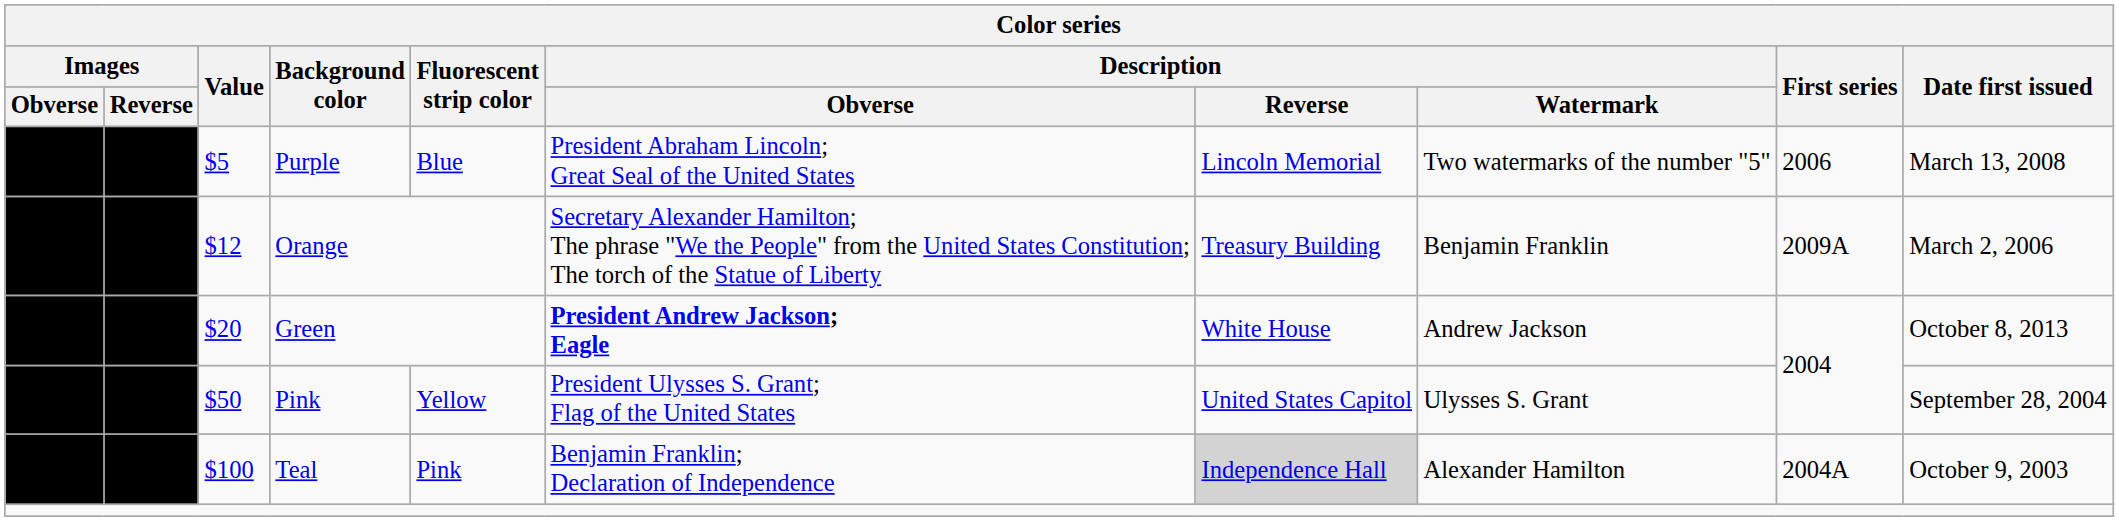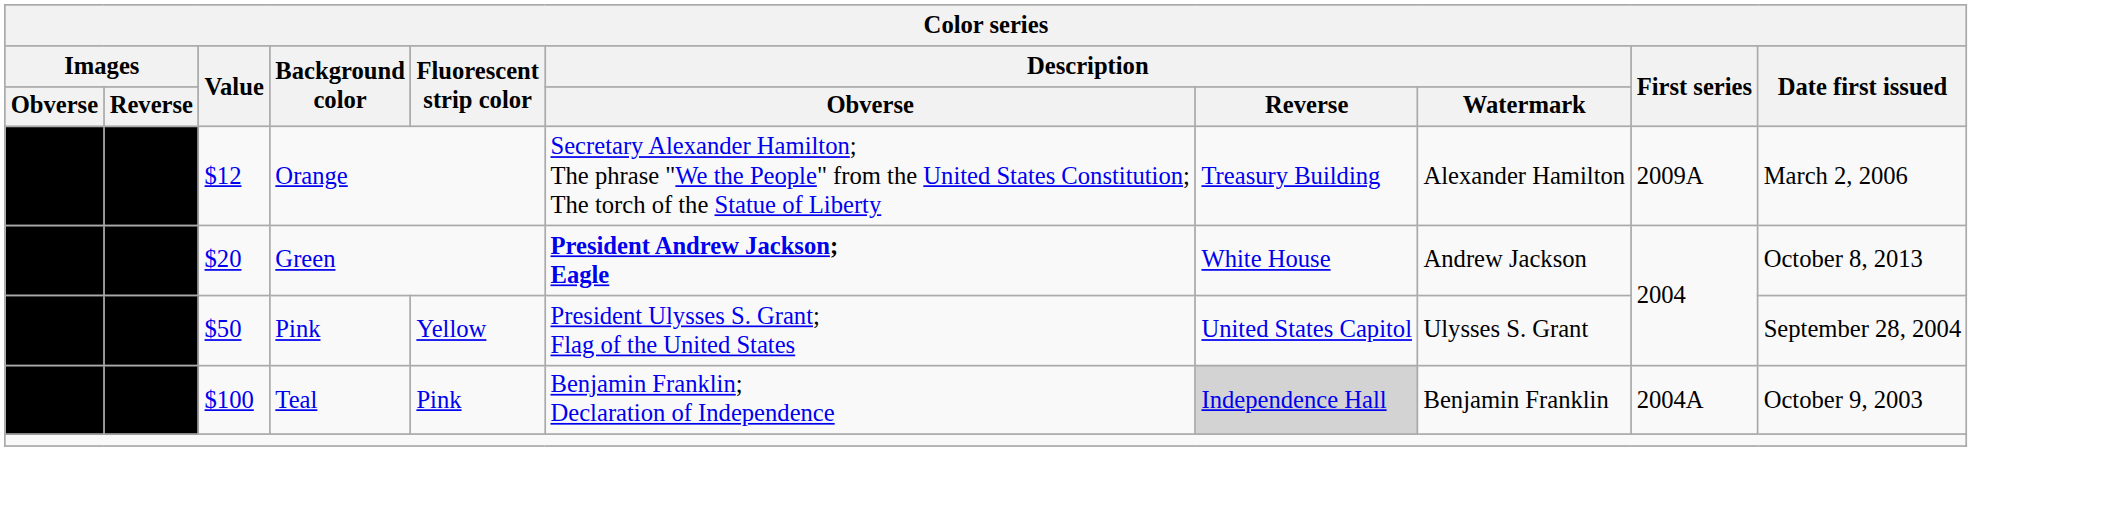 <table class="wikitable" style="font-size:90%">
 <tr>
 <th colspan="10">Color series</th>
 </tr>
 <tr>
 <th colspan="2">Images</th>
 <th rowspan="2">Value</th>
 <th rowspan="2">Back­ground<br>color</th>
 <th rowspan="2">Fluores­cent<br>strip color</th>
 <th colspan="3">Description</th>
 <th rowspan="2">First series</th>
 <th rowspan="2">Date first issued</th>
 </tr>
 <tr>
 <th>Obverse</th>
 <th>Reverse</th>
 <th>Obverse</th>
 <th>Reverse</th>
 <th>Water­mark</th>
 </tr>
 <tr>
 <td style="text-align:center; background:#000"></td>
 <td style="text-align:center; background:#000"></td>
-<td><a href='#'>$5</a></td>
-<td><a href='#'>Purple</a></td>
-<td><a href='#'>Blue</a></td>
-<td><a href='#'>President Abraham Lincoln</a>;<br><a href='#'>Great Seal of the United States</a></td>
-<td><a href='#'>Lincoln Memorial</a></td>
-<td>Two water­marks of the number "5"</td>
-<td>2006</td>
-<td>March 13, 2008</td>
-</tr>
-<tr>
-<td style="text-align:center; background:#000"></td>
-<td style="text-align:center; background:#000"></td>
 <td><a href='#'>$12</a></td>
 <td colspan="2"><a href='#'>Orange</a></td>
 <td><a href='#'>Secretary Alexander Hamilton</a>;<br>The phrase "<a href='#'>We the People</a>" from the <a href='#'>United States Constitution</a>;<br>The torch of the <a href='#'>Statue of Liberty</a></td>
 <td><a href='#'>Treasury Building</a></td>
-<td>Benjamin Franklin</td>
+<td>Alexander Hamilton</td>
 <td>2009A</td>
 <td>March 2, 2006</td>
 </tr>
 <tr>
 <td style="text-align:center; background:#000"></td>
 <td style="text-align:center; background:#000"></td>
 <td><a href='#'>$20</a></td>
 <td colspan="2"><a href='#'>Green</a></td>
 <td><strong><a href='#'>President Andrew Jackson</a>;<br><a href='#'>Eagle</a></strong></td>
 <td><a href='#'>White House</a></td>
 <td>Andrew Jackson</td>
 <td rowspan="2">2004</td>
 <td>October 8, 2013</td>
 </tr>
 <tr>
 <td style="text-align:center; background:#000"></td>
 <td style="text-align:center; background:#000"></td>
 <td><a href='#'>$50</a></td>
 <td><a href='#'>Pink</a></td>
 <td><a href='#'>Yellow</a></td>
 <td><a href='#'>President Ulysses S. Grant</a>;<br><a href='#'>Flag of the United States</a></td>
 <td><a href='#'>United States Capitol</a></td>
 <td>Ulysses S. Grant</td>
 <td>September 28, 2004</td>
 </tr>
 <tr>
 <td style="text-align:center; background:#000"></td>
 <td style="text-align:center; background:#000"></td>
 <td><a href='#'>$100</a></td>
 <td><a href='#'>Teal</a></td>
 <td><a href='#'>Pink</a></td>
 <td><a href='#'>Benjamin Franklin</a>;<br><a href='#'>Declaration of Independence</a></td>
 <td style="background: lightgrey;"><a href='#'>Independence Hall</a></td>
-<td>Alexander Hamilton</td>
+<td>Benjamin Franklin</td>
 <td>2004A</td>
 <td>October 9, 2003</td>
 </tr>
 <tr>
 <td colspan="10"></td>
 </tr>
 </table>
